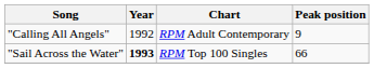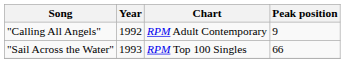 <table class="wikitable">
 <tr>
 <th align="left">Song</th>
 <th align="left">Year</th>
 <th align="left">Chart</th>
 <th align="left">Peak position</th>
 </tr>
 <tr>
 <td align="left">"Calling All Angels"</td>
 <td align="left">1992</td>
 <td align="left"><em><a href='#'>RPM</a></em> Adult Contemporary</td>
 <td align="left">9</td>
 </tr>
 <tr>
 <td align="left">"Sail Across the Water"</td>
-<td align="left"><strong>1993</strong></td>
+<td align="left">1993</td>
 <td align="left"><em><a href='#'>RPM</a></em> Top 100 Singles</td>
 <td align="left">66</td>
 </tr>
 <tr>
 </tr>
 </table>
